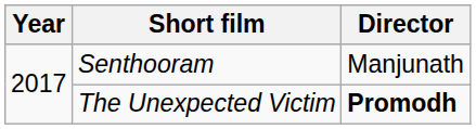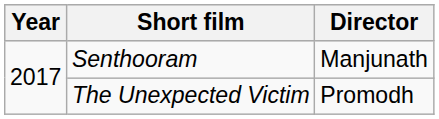 <table class="wikitable">
 <tr style="background:#ccc; text-align:center;">
 <th>Year</th>
 <th>Short film</th>
 <th>Director</th>
 </tr>
 <tr>
 <td rowspan="2">2017</td>
 <td><em>Senthooram</em></td>
 <td>Manjunath</td>
 </tr>
 <tr>
 <td><em>The Unexpected Victim</em></td>
-<td><strong>Promodh</strong></td>
+<td>Promodh</td>
 </tr>
 </table>
